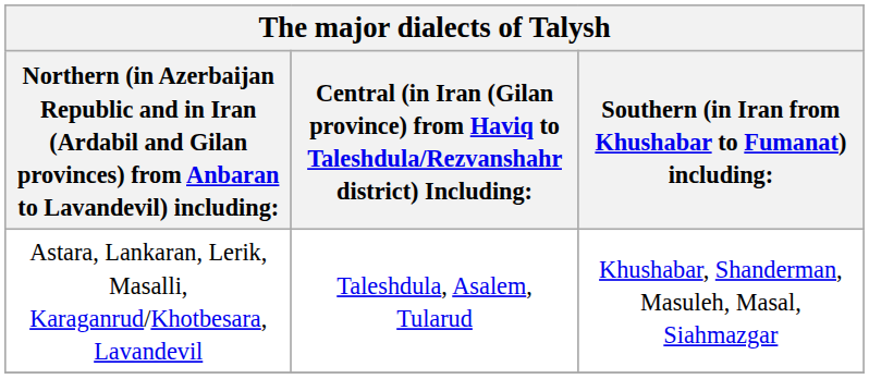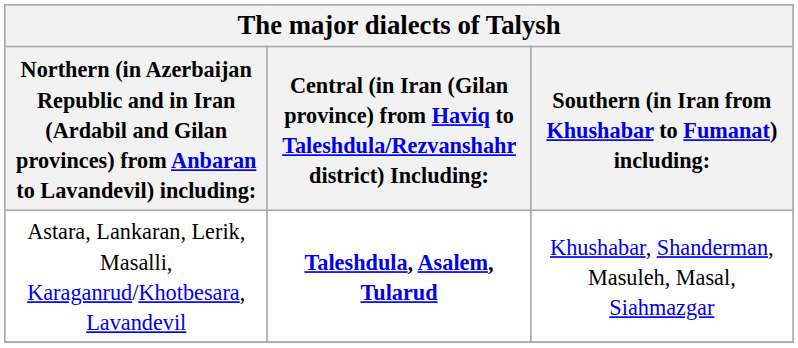 <table class="wikitable" style="border:1px solid #aaa; border-collapse:collapse; text-align: center; background:white;">
 <tr>
 <th colspan="3"><strong>The major dialects of Talysh</strong></th>
 </tr>
 <tr>
 <th style="width:150px;"><small>Northern (in Azerbaijan Republic and in Iran (Ardabil and Gilan provinces) from <a href='#'>Anbaran</a> to Lavandevil) including:</small></th>
 <th style="width:150px;"><small>Central (in Iran (Gilan province) from <a href='#'>Haviq</a> to <a href='#'>Taleshdula/Rezvanshahr</a> district) Including:</small></th>
 <th style="width:150px;"><small>Southern (in Iran from <a href='#'>Khushabar</a> to <a href='#'>Fumanat</a>) including:</small></th>
 </tr>
 <tr>
 <td style="width:150px;"><small>Astara, Lankaran, Lerik, Masalli, <a href='#'>Karaganrud</a>/<a href='#'>Khotbesara</a>, <a href='#'>Lavandevil</a></small></td>
-<td style="width:150px;"><small><a href='#'>Taleshdula</a>, <a href='#'>Asalem</a>, <a href='#'>Tularud</a></small></td>
+<td style="width:150px;"><strong><small><a href='#'>Taleshdula</a>, <a href='#'>Asalem</a>, <a href='#'>Tularud</a></small></strong></td>
 <td style="width:150px;"><small><a href='#'>Khushabar</a>, <a href='#'>Shanderman</a>, Masuleh, Masal, <a href='#'>Siahmazgar</a></small></td>
 </tr>
 <tr>
 </tr>
 </table>
